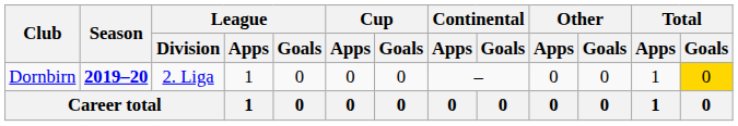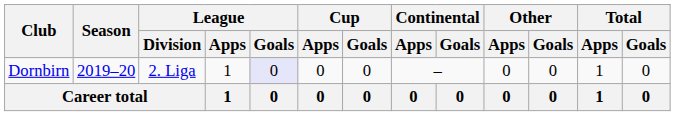 <table class="wikitable" style="text-align: center">
 <tr>
 <th rowspan="2">Club</th>
 <th rowspan="2">Season</th>
 <th colspan="3">League</th>
 <th colspan="2">Cup</th>
 <th colspan="2">Continental</th>
 <th colspan="2">Other</th>
 <th colspan="2">Total</th>
 </tr>
 <tr>
 <th>Division</th>
 <th>Apps</th>
 <th>Goals</th>
 <th>Apps</th>
 <th>Goals</th>
 <th>Apps</th>
 <th>Goals</th>
 <th>Apps</th>
 <th>Goals</th>
 <th>Apps</th>
 <th>Goals</th>
 </tr>
 <tr>
 <td><a href='#'>Dornbirn</a></td>
-<td><strong><a href='#'>2019–20</a></strong></td>
+<td><a href='#'>2019–20</a></td>
 <td><a href='#'>2. Liga</a></td>
 <td>1</td>
-<td>0</td>
+<td style="background: lavender;">0</td>
 <td>0</td>
 <td>0</td>
 <td colspan="2">–</td>
 <td>0</td>
 <td>0</td>
 <td>1</td>
-<td style="background: gold;">0</td>
+<td>0</td>
 </tr>
 <tr>
 <th colspan=3>Career total</th>
 <th>1</th>
 <th>0</th>
 <th>0</th>
 <th>0</th>
 <th>0</th>
 <th>0</th>
 <th>0</th>
 <th>0</th>
 <th>1</th>
 <th>0</th>
 </tr>
 </table>
